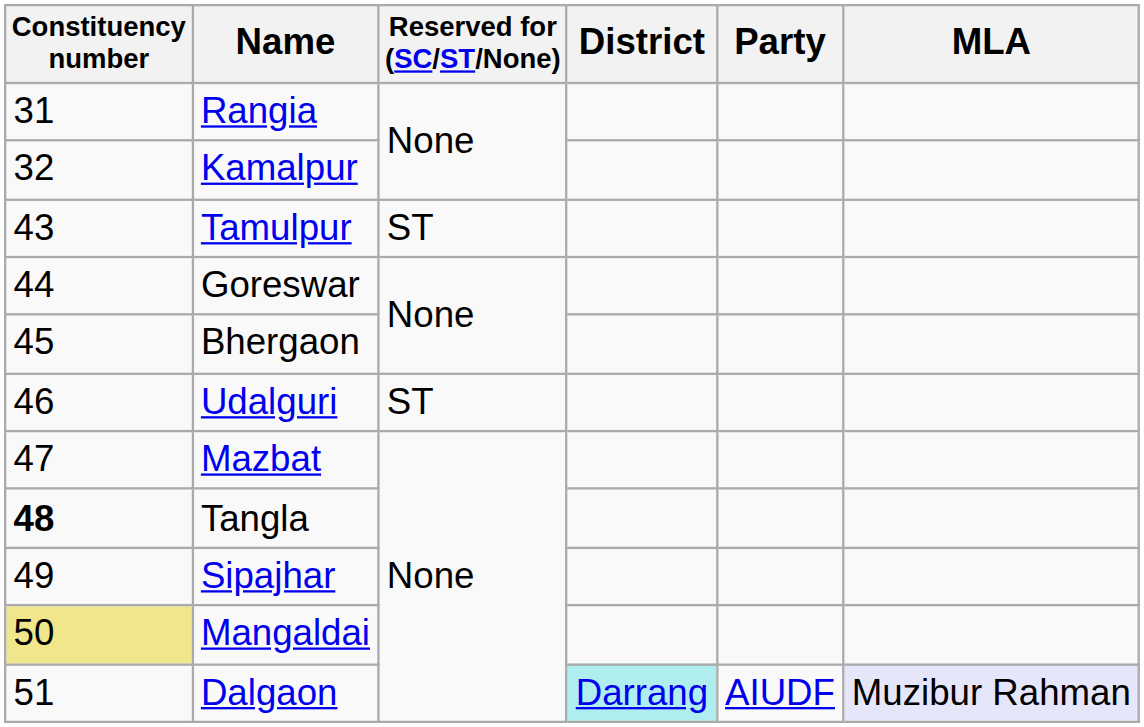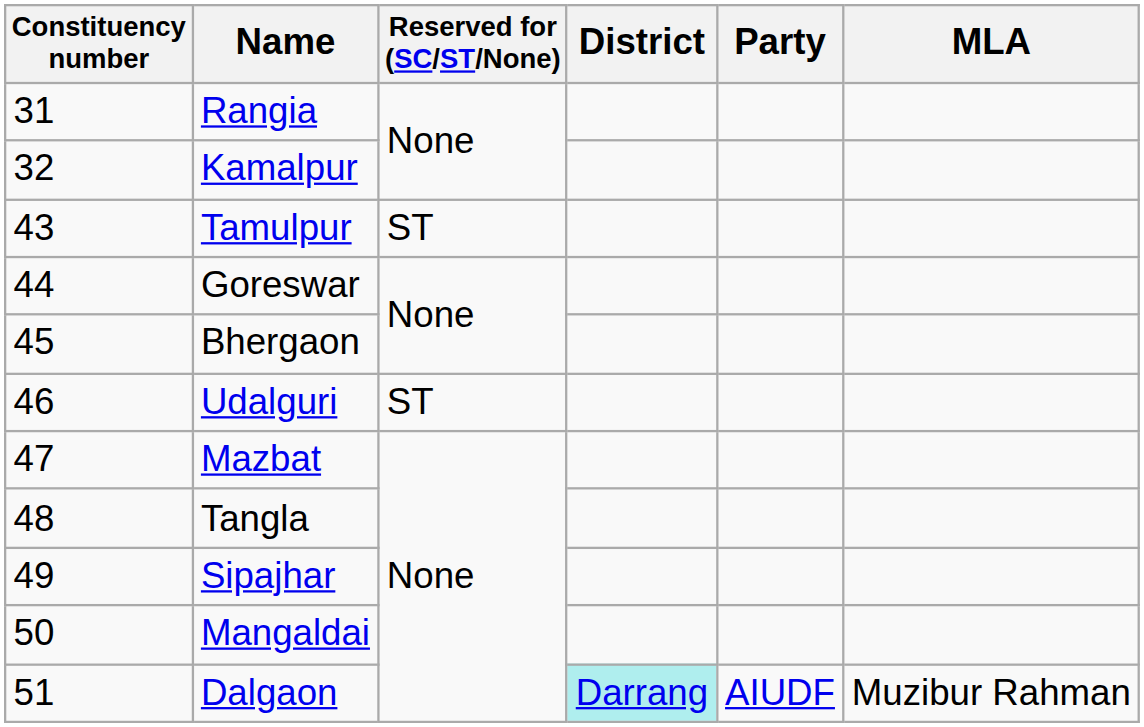 <table class="wikitable sortable">
 <tr>
 <th style="font-size:75%">Constituency<br>number</th>
 <th>Name</th>
 <th style="font-size:75%">Reserved for<br>(<a href='#'>SC</a>/<a href='#'>ST</a>/None)</th>
 <th>District</th>
 <th>Party</th>
 <th>MLA</th>
 </tr>
 <tr>
 <td>31</td>
 <td><a href='#'>Rangia</a></td>
 <td rowspan="2">None</td>
 <td></td>
 <td></td>
 <td></td>
 </tr>
 <tr>
 <td>32</td>
 <td><a href='#'>Kamalpur</a></td>
 <td></td>
 <td></td>
 <td></td>
 </tr>
 <tr>
 <td>43</td>
 <td><a href='#'>Tamulpur</a></td>
 <td>ST</td>
 <td></td>
 <td></td>
 <td></td>
 </tr>
 <tr>
 <td>44</td>
 <td>Goreswar</td>
 <td rowspan="2">None</td>
 <td></td>
 <td></td>
 <td></td>
 </tr>
 <tr>
 <td>45</td>
 <td>Bhergaon</td>
 <td></td>
 <td></td>
 <td></td>
 </tr>
 <tr>
 <td>46</td>
 <td><a href='#'>Udalguri</a></td>
 <td>ST</td>
 <td></td>
 <td></td>
 <td></td>
 </tr>
 <tr>
 <td>47</td>
 <td><a href='#'>Mazbat</a></td>
 <td rowspan="5">None</td>
 <td></td>
 <td></td>
 <td></td>
 </tr>
 <tr>
-<td><strong>48</strong></td>
+<td>48</td>
 <td>Tangla</td>
 <td></td>
 <td></td>
 <td></td>
 </tr>
 <tr>
 <td>49</td>
 <td><a href='#'>Sipajhar</a></td>
 <td></td>
 <td></td>
 <td></td>
 </tr>
 <tr>
-<td style="background: khaki;">50</td>
+<td>50</td>
 <td><a href='#'>Mangaldai</a></td>
 <td></td>
 <td></td>
 <td></td>
 </tr>
 <tr>
 <td>51</td>
 <td><a href='#'>Dalgaon</a></td>
 <td style="background: paleturquoise;"><a href='#'>Darrang</a></td>
 <td><a href='#'>AIUDF</a></td>
-<td style="background: lavender;">Muzibur Rahman</td>
+<td>Muzibur Rahman</td>
 </tr>
 </table>
